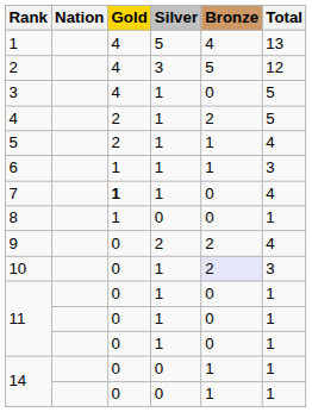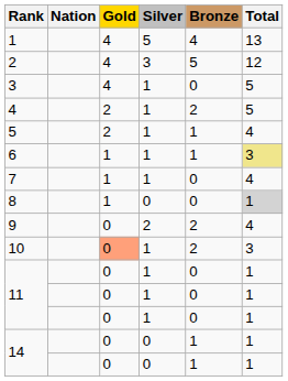 <table class="wikitable sortable">
 <tr>
 <th class="unsortable">Rank</th>
 <th>Nation</th>
 <th style="background-color:gold">Gold</th>
 <th style="background-color:silver">Silver</th>
 <th style="background-color:#cc9966">Bronze</th>
 <th>Total</th>
 </tr>
 <tr>
 <td>1</td>
 <td></td>
 <td>4</td>
 <td>5</td>
 <td>4</td>
 <td>13</td>
 </tr>
 <tr>
 <td>2</td>
 <td></td>
 <td>4</td>
 <td>3</td>
 <td>5</td>
 <td>12</td>
 </tr>
 <tr>
 <td>3</td>
 <td></td>
 <td>4</td>
 <td>1</td>
 <td>0</td>
 <td>5</td>
 </tr>
 <tr>
 <td>4</td>
 <td></td>
 <td>2</td>
 <td>1</td>
 <td>2</td>
 <td>5</td>
 </tr>
 <tr>
 <td>5</td>
 <td></td>
 <td>2</td>
 <td>1</td>
 <td>1</td>
 <td>4</td>
 </tr>
 <tr>
 <td>6</td>
 <td></td>
 <td>1</td>
 <td>1</td>
 <td>1</td>
-<td>3</td>
+<td style="background: khaki;">3</td>
 </tr>
 <tr>
 <td>7</td>
 <td></td>
-<td><strong>1</strong></td>
+<td>1</td>
 <td>1</td>
 <td>0</td>
 <td>4</td>
 </tr>
 <tr>
 <td>8</td>
 <td align="left"></td>
 <td>1</td>
 <td>0</td>
 <td>0</td>
-<td>1</td>
+<td style="background: lightgrey;">1</td>
 </tr>
 <tr>
 <td>9</td>
 <td></td>
 <td>0</td>
 <td>2</td>
 <td>2</td>
 <td>4</td>
 </tr>
 <tr>
 <td>10</td>
 <td></td>
-<td>0</td>
+<td style="background: lightsalmon;">0</td>
 <td>1</td>
-<td style="background: lavender;">2</td>
+<td>2</td>
 <td>3</td>
 </tr>
 <tr>
 <td rowspan="3">11</td>
 <td></td>
 <td>0</td>
 <td>1</td>
 <td>0</td>
 <td>1</td>
 </tr>
 <tr>
 <td></td>
 <td>0</td>
 <td>1</td>
 <td>0</td>
 <td>1</td>
 </tr>
 <tr>
 <td></td>
 <td>0</td>
 <td>1</td>
 <td>0</td>
 <td>1</td>
 </tr>
 <tr>
 <td rowspan="2">14</td>
 <td></td>
 <td>0</td>
 <td>0</td>
 <td>1</td>
 <td>1</td>
 </tr>
 <tr>
 <td></td>
 <td>0</td>
 <td>0</td>
 <td>1</td>
 <td>1</td>
 </tr>
 </table>
